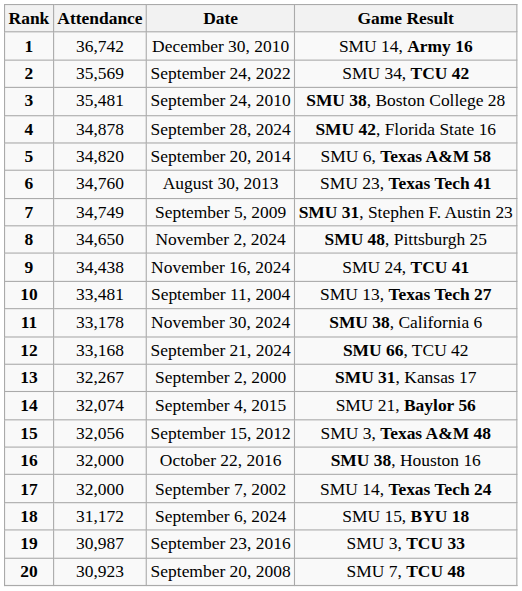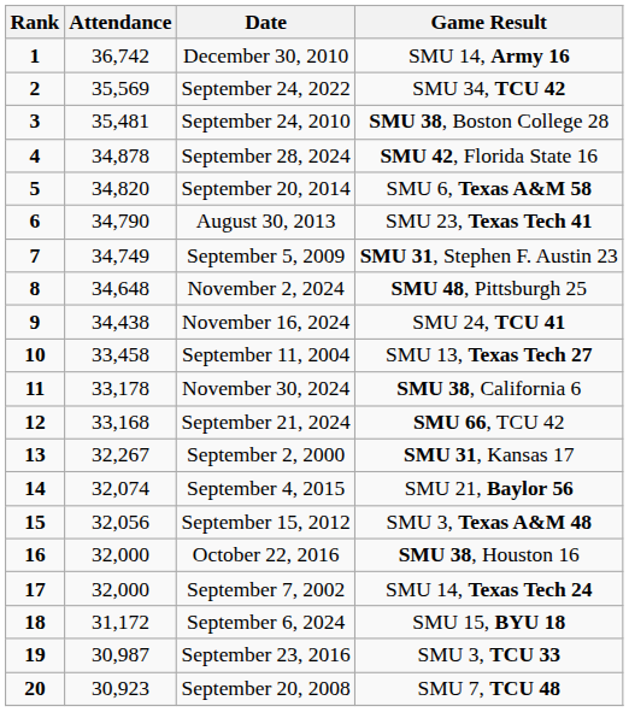 <table class="wikitable">
 <tr>
 <th>Rank</th>
 <th>Attendance</th>
 <th>Date</th>
 <th>Game Result</th>
 </tr>
 <tr align="center">
 <td><strong>1</strong></td>
 <td>36,742</td>
 <td>December 30, 2010</td>
 <td>SMU 14, <strong>Army 16</strong></td>
 </tr>
 <tr align="center">
 <td><strong>2</strong></td>
 <td>35,569</td>
 <td>September 24, 2022</td>
 <td>SMU 34, <strong>TCU 42</strong></td>
 </tr>
 <tr align="center">
 <td><strong>3</strong></td>
 <td>35,481</td>
 <td>September 24, 2010</td>
 <td><strong> SMU 38</strong>, Boston College 28</td>
 </tr>
 <tr align="center">
 <td><strong>4</strong></td>
 <td>34,878</td>
 <td>September 28, 2024</td>
 <td><strong>SMU 42</strong>, Florida State 16</td>
 </tr>
 <tr align="center">
 <td><strong>5</strong></td>
 <td>34,820</td>
 <td>September 20, 2014</td>
 <td>SMU 6, <strong> Texas A&M 58</strong></td>
 </tr>
 <tr align="center">
 <td><strong>6</strong></td>
-<td>34,760</td>
+<td>34,790</td>
 <td>August 30, 2013</td>
 <td>SMU 23, <strong>Texas Tech 41</strong></td>
 </tr>
 <tr align="center">
 <td><strong>7</strong></td>
 <td>34,749</td>
 <td>September 5, 2009</td>
 <td><strong>SMU 31</strong>, Stephen F. Austin 23</td>
 </tr>
 <tr align="center">
 <td><strong>8</strong></td>
-<td>34,650</td>
+<td>34,648</td>
 <td>November 2, 2024</td>
 <td><strong> SMU 48</strong>,  Pittsburgh 25</td>
 </tr>
 <tr align="center">
 <td><strong>9</strong></td>
 <td>34,438</td>
 <td>November 16, 2024</td>
 <td>SMU 24, <strong> TCU 41</strong></td>
 </tr>
 <tr align="center">
 <td><strong>10</strong></td>
-<td>33,481</td>
+<td>33,458</td>
 <td>September 11, 2004</td>
 <td>SMU 13, <strong>Texas Tech 27</strong></td>
 </tr>
 <tr align="center">
 <td><strong>11</strong></td>
 <td>33,178</td>
 <td>November 30, 2024</td>
 <td><strong> SMU 38</strong>, California 6</td>
 </tr>
 <tr align="center">
 <td><strong>12</strong></td>
 <td>33,168</td>
 <td>September 21, 2024</td>
 <td><strong>SMU 66</strong>, TCU 42</td>
 </tr>
 <tr align="center">
 <td><strong>13</strong></td>
 <td>32,267</td>
 <td>September 2, 2000</td>
 <td><strong>SMU 31</strong>, Kansas 17</td>
 </tr>
 <tr align="center">
 <td><strong>14</strong></td>
 <td>32,074</td>
 <td>September 4, 2015</td>
 <td>SMU 21, <strong> Baylor 56</strong></td>
 </tr>
 <tr align="center">
 <td><strong>15</strong></td>
 <td>32,056</td>
 <td>September 15, 2012</td>
 <td>SMU 3, <strong>Texas A&M 48</strong></td>
 </tr>
 <tr align="center">
 <td><strong>16</strong></td>
 <td>32,000</td>
 <td>October 22, 2016</td>
 <td><strong>SMU 38</strong>,  Houston 16</td>
 </tr>
 <tr align="center">
 <td><strong>17</strong></td>
 <td>32,000</td>
 <td>September 7, 2002</td>
 <td>SMU 14, <strong>Texas Tech 24</strong></td>
 </tr>
 <tr - align="center">
 <td><strong>18</strong></td>
 <td>31,172</td>
 <td>September 6, 2024</td>
 <td>SMU 15, <strong>BYU 18</strong></td>
 </tr>
 <tr align="center">
 <td><strong>19</strong></td>
 <td>30,987</td>
 <td>September 23, 2016</td>
 <td>SMU 3, <strong>TCU 33</strong></td>
 </tr>
 <tr align="center">
 <td><strong>20</strong></td>
 <td>30,923</td>
 <td>September 20, 2008</td>
 <td>SMU 7, <strong>TCU 48</strong></td>
 </tr>
 <tr align="center">
 </tr>
 </table>
